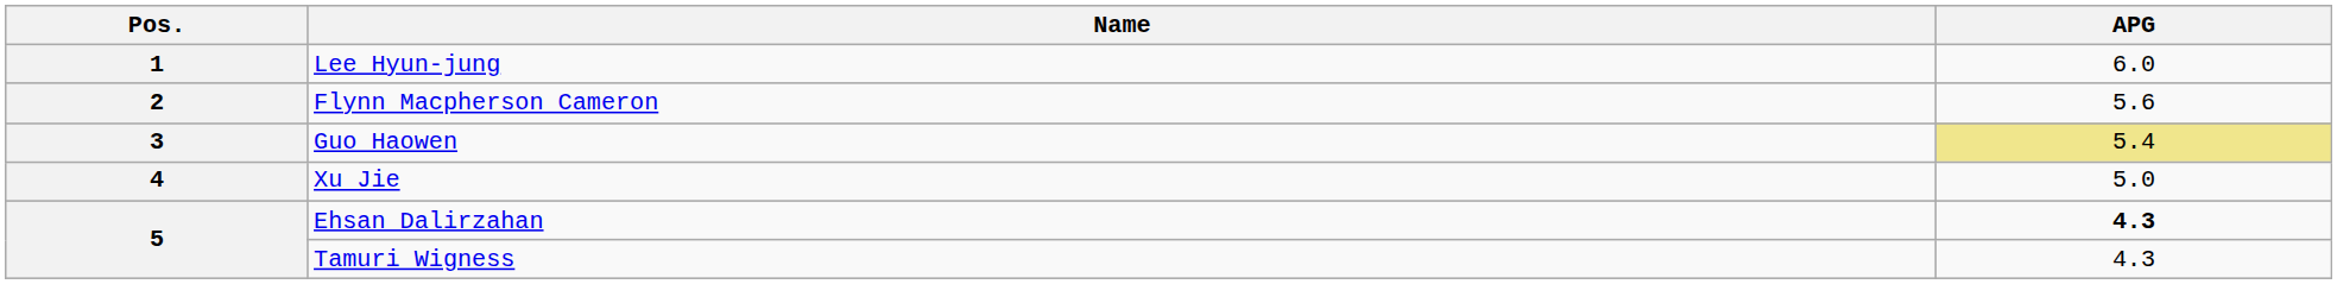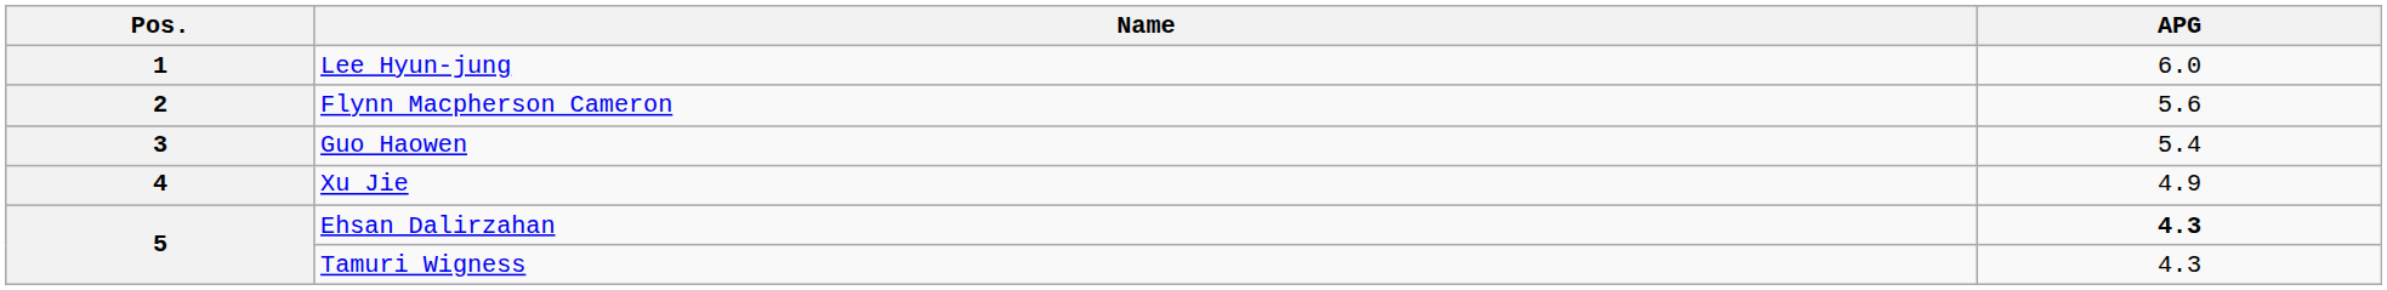 <table class=wikitable width=100% style="text-align:center;">
 <tr>
 <th width="13%">Pos.</th>
 <th width="70%">Name</th>
 <th width="17%">APG</th>
 </tr>
 <tr>
 <th>1</th>
 <td align=left> <a href='#'>Lee Hyun-jung</a></td>
 <td>6.0</td>
 </tr>
 <tr>
 <th>2</th>
 <td align=left> <a href='#'>Flynn Macpherson Cameron</a></td>
 <td>5.6</td>
 </tr>
 <tr>
 <th>3</th>
 <td align=left> <a href='#'>Guo Haowen</a></td>
-<td style="background: khaki;">5.4</td>
+<td>5.4</td>
 </tr>
 <tr>
 <th>4</th>
 <td align=left> <a href='#'>Xu Jie</a></td>
-<td>5.0</td>
+<td>4.9</td>
 </tr>
 <tr>
 <th rowspan=4>5</th>
 <td align=left> <a href='#'>Ehsan Dalirzahan</a></td>
 <td><strong>4.3</strong></td>
 </tr>
 <tr>
 <td align=left> <a href='#'>Tamuri Wigness</a></td>
 <td>4.3</td>
 </tr>
 </table>
